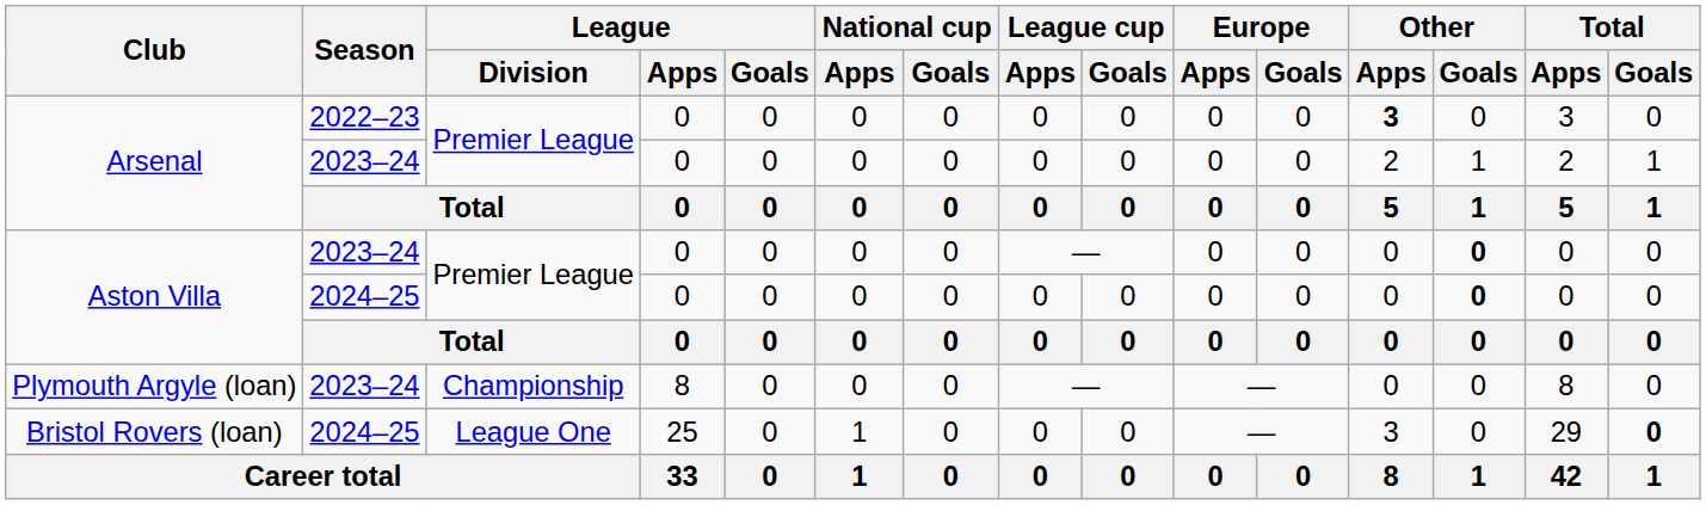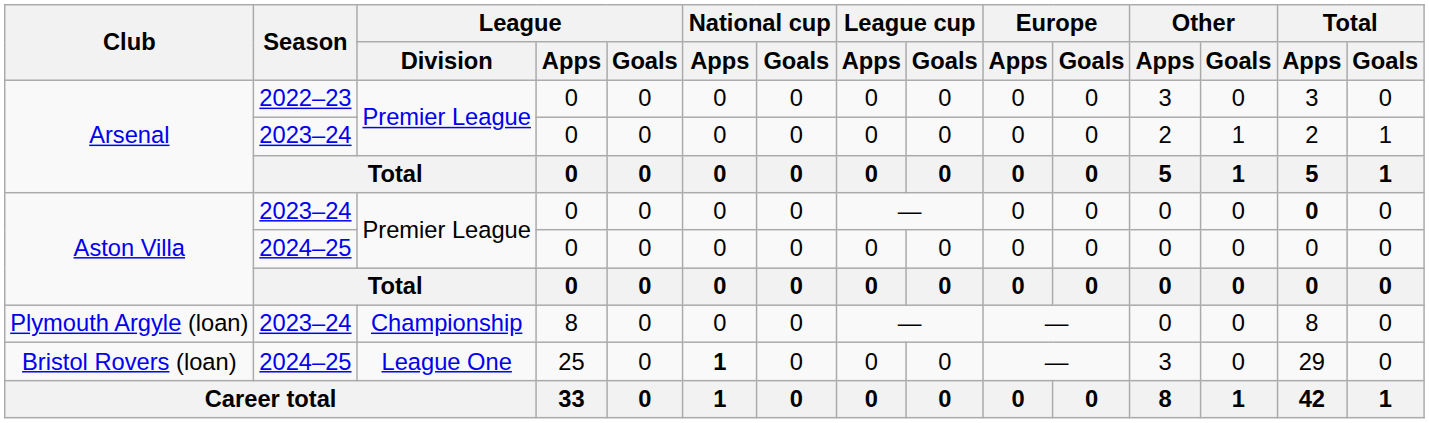 <table class=wikitable style=text-align:center>
 <tr>
 <th rowspan="2">Club</th>
 <th rowspan="2">Season</th>
 <th colspan="3">League</th>
 <th colspan="2">National cup</th>
 <th colspan="2">League cup</th>
 <th colspan="2">Europe</th>
 <th colspan="2">Other</th>
 <th colspan="2">Total</th>
 </tr>
 <tr>
 <th>Division</th>
 <th>Apps</th>
 <th>Goals</th>
 <th>Apps</th>
 <th>Goals</th>
 <th>Apps</th>
 <th>Goals</th>
 <th>Apps</th>
 <th>Goals</th>
 <th>Apps</th>
 <th>Goals</th>
 <th>Apps</th>
 <th>Goals</th>
 </tr>
 <tr>
 <td rowspan="3"><a href='#'>Arsenal</a></td>
 <td><a href='#'>2022–23</a></td>
 <td rowspan="2"><a href='#'>Premier League</a></td>
 <td>0</td>
 <td>0</td>
 <td>0</td>
 <td>0</td>
 <td>0</td>
 <td>0</td>
 <td>0</td>
 <td>0</td>
-<td><strong>3</strong></td>
+<td>3</td>
 <td>0</td>
 <td>3</td>
 <td>0</td>
 </tr>
 <tr>
 <td><a href='#'>2023–24</a></td>
 <td>0</td>
 <td>0</td>
 <td>0</td>
 <td>0</td>
 <td>0</td>
 <td>0</td>
 <td>0</td>
 <td>0</td>
 <td>2</td>
 <td>1</td>
 <td>2</td>
 <td>1</td>
 </tr>
 <tr>
 <th colspan="2">Total</th>
 <th>0</th>
 <th>0</th>
 <th>0</th>
 <th>0</th>
 <th>0</th>
 <th>0</th>
 <th>0</th>
 <th>0</th>
 <th>5</th>
 <th>1</th>
 <th>5</th>
 <th>1</th>
 </tr>
 <tr>
 <td rowspan="3"><a href='#'>Aston Villa</a></td>
 <td><a href='#'>2023–24</a></td>
 <td rowspan="2">Premier League</td>
 <td>0</td>
 <td>0</td>
 <td>0</td>
 <td>0</td>
 <td colspan="2">—</td>
 <td>0</td>
 <td>0</td>
 <td>0</td>
+<td>0</td>
 <td><strong>0</strong></td>
-<td>0</td>
 <td>0</td>
 </tr>
 <tr>
 <td><a href='#'>2024–25</a></td>
 <td>0</td>
 <td>0</td>
 <td>0</td>
 <td>0</td>
 <td>0</td>
 <td>0</td>
 <td>0</td>
 <td>0</td>
 <td>0</td>
-<td><strong>0</strong></td>
+<td>0</td>
 <td>0</td>
 <td>0</td>
 </tr>
 <tr>
 <th colspan="2">Total</th>
 <th>0</th>
 <th>0</th>
 <th>0</th>
 <th>0</th>
 <th>0</th>
 <th>0</th>
 <th>0</th>
 <th>0</th>
 <th>0</th>
 <th>0</th>
 <th>0</th>
 <th>0</th>
 </tr>
 <tr>
 <td><a href='#'>Plymouth Argyle</a> (loan)</td>
 <td><a href='#'>2023–24</a></td>
 <td><a href='#'>Championship</a></td>
 <td>8</td>
 <td>0</td>
 <td>0</td>
 <td>0</td>
 <td colspan="2">—</td>
 <td colspan="2">—</td>
 <td>0</td>
 <td>0</td>
 <td>8</td>
 <td>0</td>
 </tr>
 <tr>
 <td><a href='#'>Bristol Rovers</a> (loan)</td>
 <td><a href='#'>2024–25</a></td>
 <td><a href='#'>League One</a></td>
 <td>25</td>
 <td>0</td>
-<td>1</td>
+<td><strong>1</strong></td>
 <td>0</td>
 <td>0</td>
 <td>0</td>
 <td colspan="2">—</td>
 <td>3</td>
 <td>0</td>
 <td>29</td>
-<td><strong>0</strong></td>
+<td>0</td>
 </tr>
 <tr>
 <th colspan="3">Career total</th>
 <th>33</th>
 <th>0</th>
 <th>1</th>
 <th>0</th>
 <th>0</th>
 <th>0</th>
 <th>0</th>
 <th>0</th>
 <th>8</th>
 <th>1</th>
 <th>42</th>
 <th>1</th>
 </tr>
 </table>
